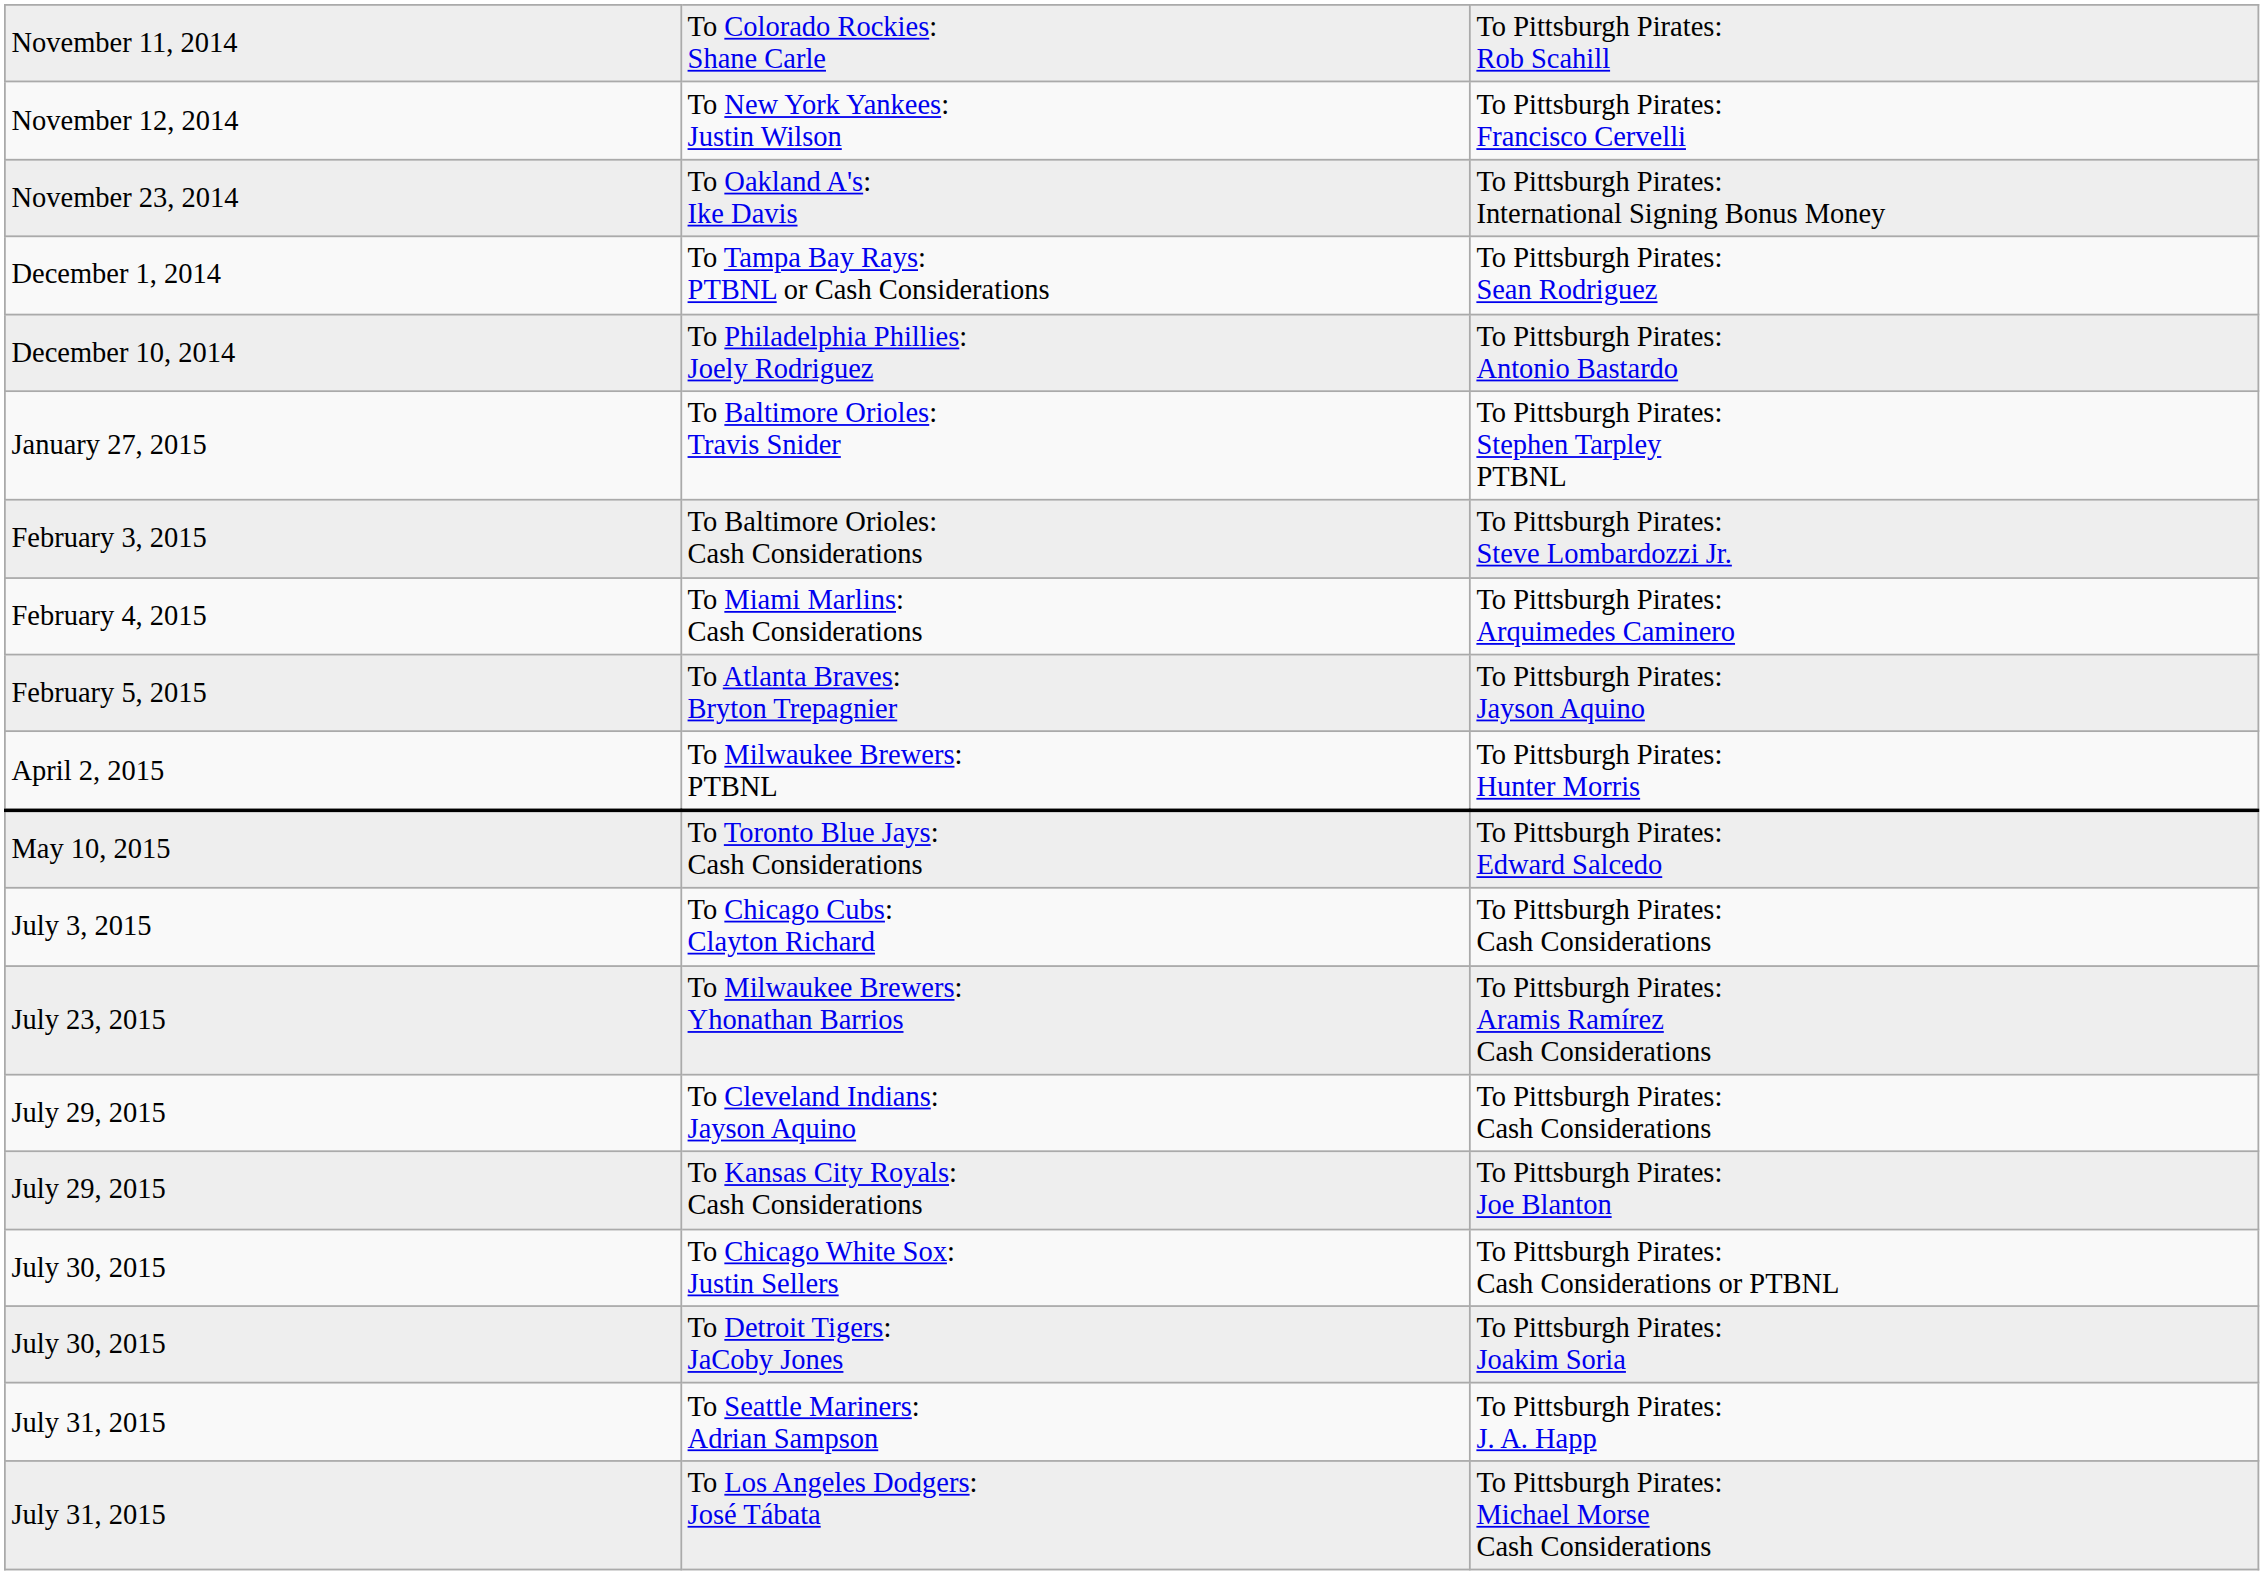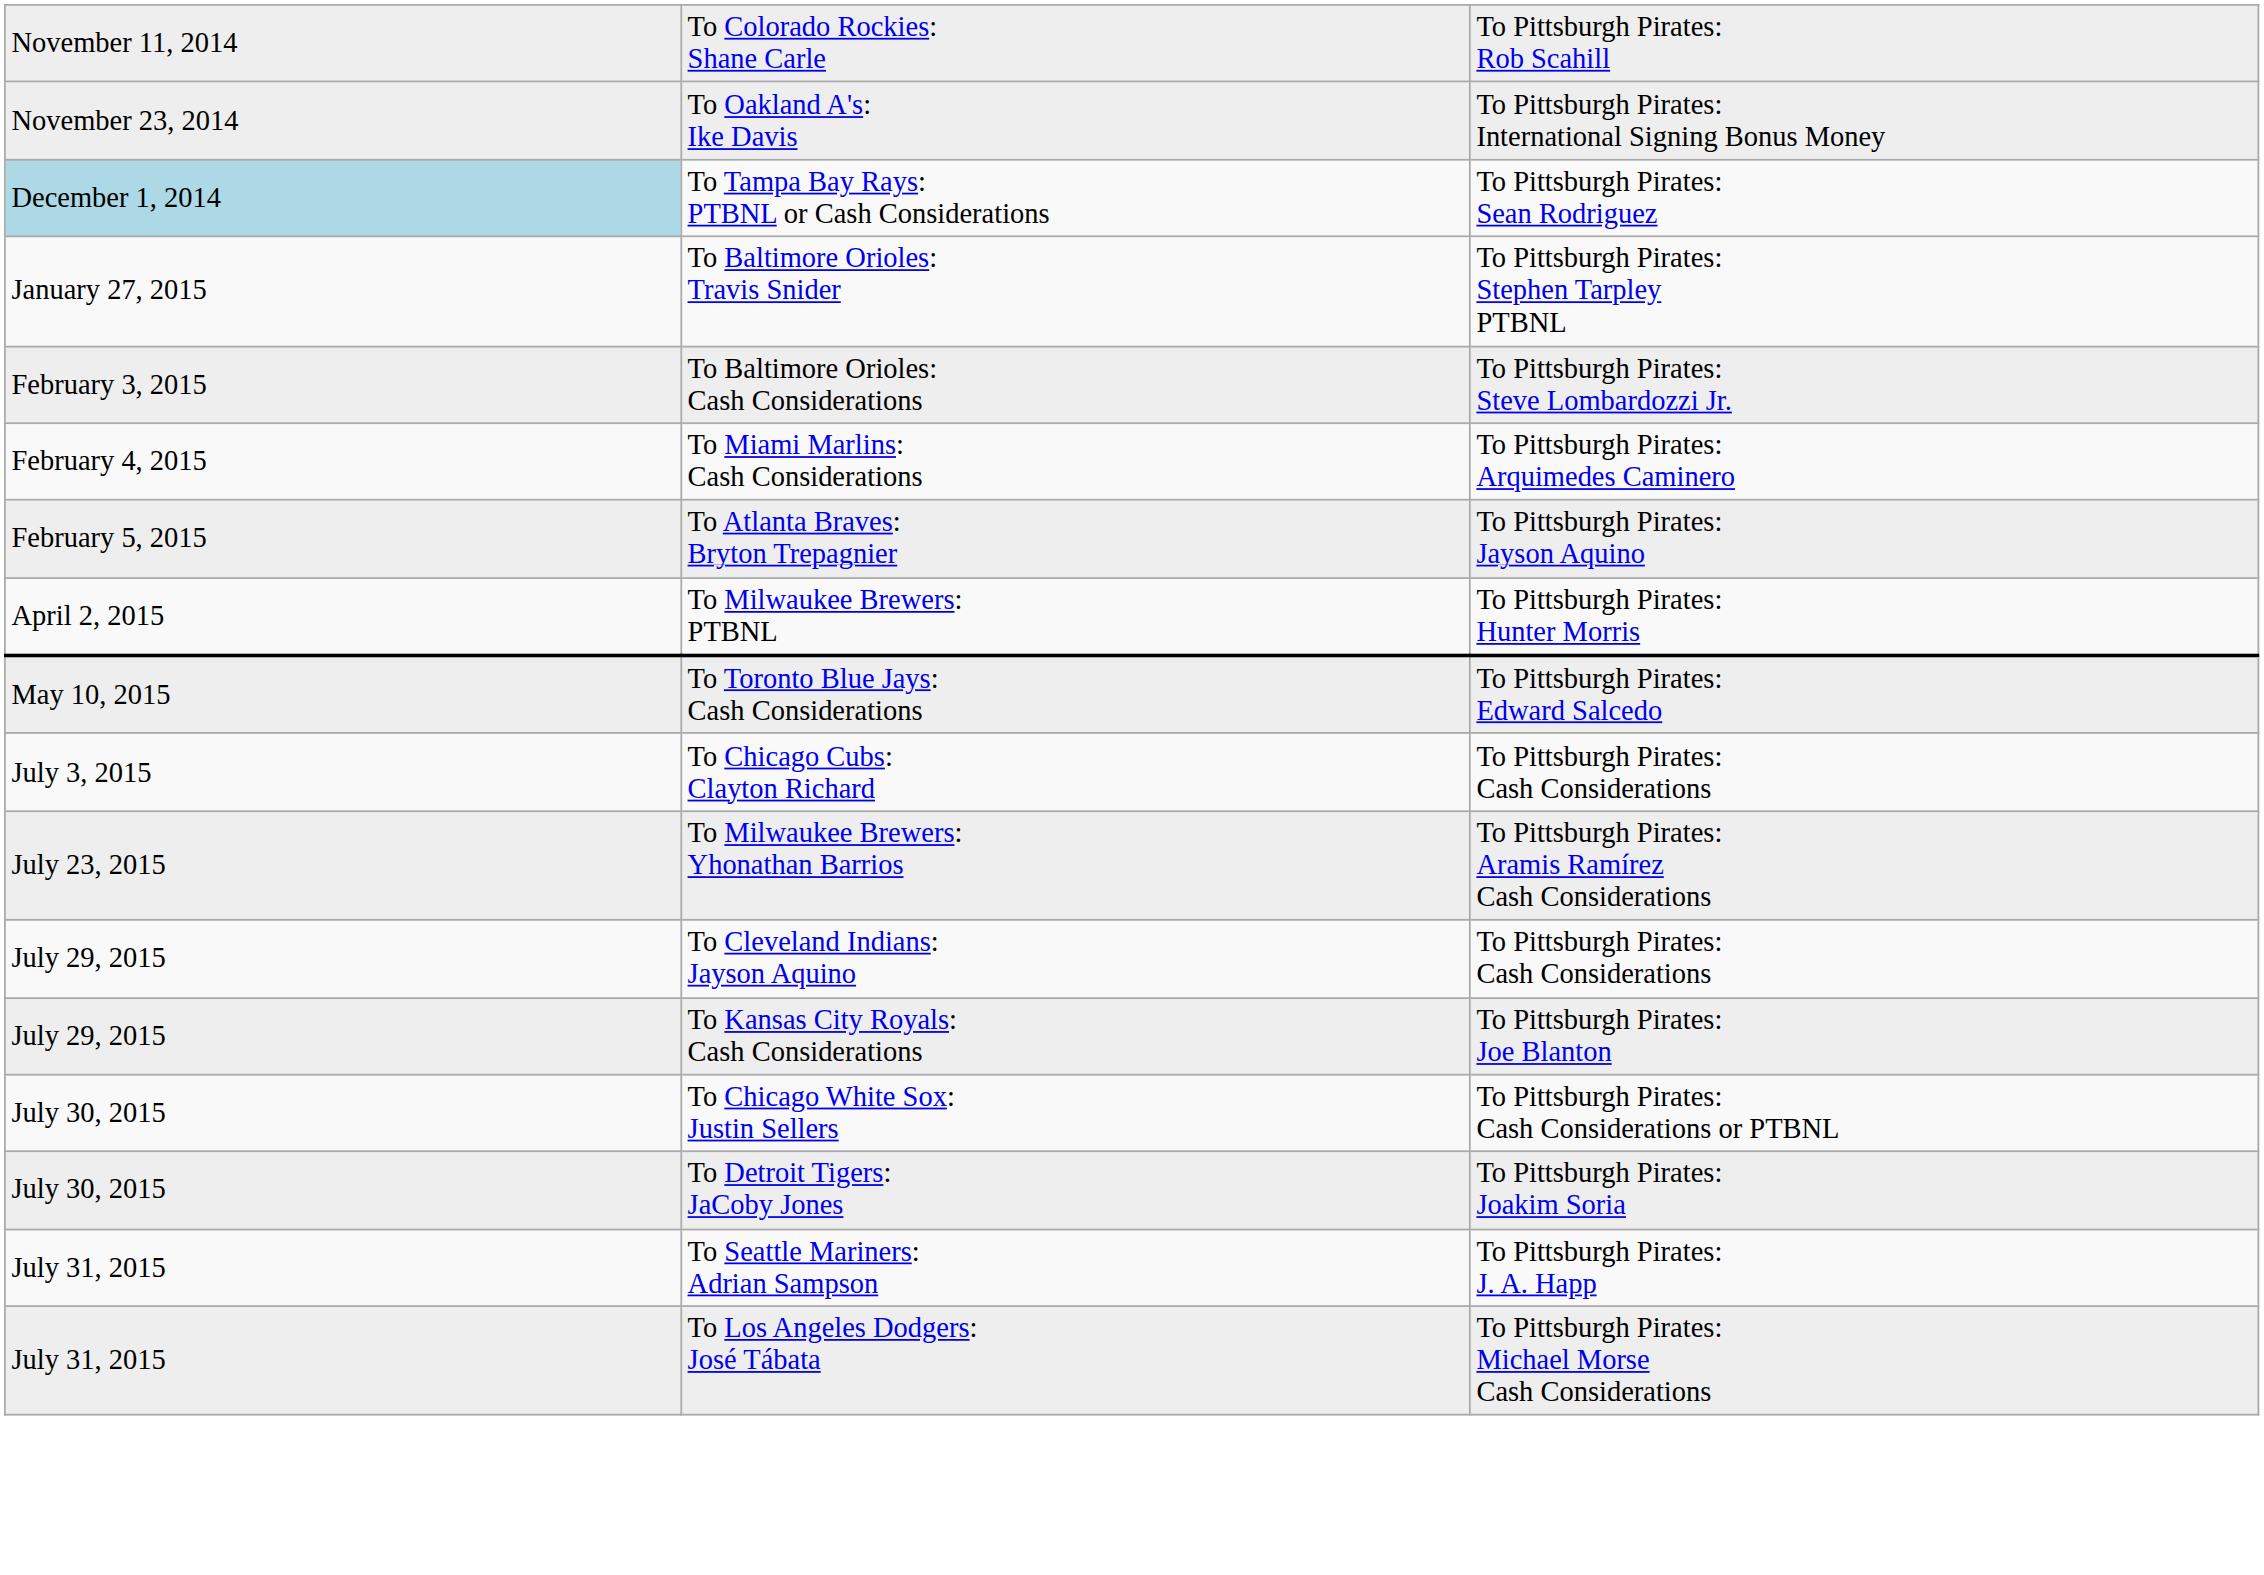 <table class="wikitable" style="border:1px solid #999999; width:80%;">
 <tr bgcolor="eeeeee">
 <td style="width:30%;">November 11, 2014</td>
 <td style="width:35%;" valign="top">To <a href='#'>Colorado Rockies</a>:<br><a href='#'>Shane Carle</a></td>
 <td style="width:35%;" valign="top">To Pittsburgh Pirates:<br><a href='#'>Rob Scahill</a></td>
-</tr>
-<tr>
-<td style="width:30%;">November 12, 2014</td>
-<td style="width:35%;" valign="top">To <a href='#'>New York Yankees</a>:<br><a href='#'>Justin Wilson</a></td>
-<td style="width:35%;" valign="top">To Pittsburgh Pirates:<br><a href='#'>Francisco Cervelli</a></td>
 </tr>
 <tr bgcolor="eeeeee">
 <td style="width:30%;">November 23, 2014</td>
 <td style="width:35%;" valign="top">To <a href='#'>Oakland A's</a>:<br><a href='#'>Ike Davis</a></td>
 <td style="width:35%;" valign="top">To Pittsburgh Pirates:<br>International Signing Bonus Money</td>
 </tr>
 <tr>
-<td style="width:30%;">December 1, 2014</td>
+<td style="background: lightblue; width:30%;">December 1, 2014</td>
 <td style="width:35%;" valign="top">To <a href='#'>Tampa Bay Rays</a>:<br><a href='#'>PTBNL</a> or Cash Considerations</td>
 <td style="width:35%;" valign="top">To Pittsburgh Pirates:<br><a href='#'>Sean Rodriguez</a></td>
-</tr>
-<tr bgcolor="eeeeee">
-<td style="width:30%;">December 10, 2014</td>
-<td style="width:35%;" valign="top">To <a href='#'>Philadelphia Phillies</a>:<br><a href='#'>Joely Rodriguez</a></td>
-<td style="width:35%;" valign="top">To Pittsburgh Pirates:<br><a href='#'>Antonio Bastardo</a></td>
 </tr>
 <tr bgcolor=>
 <td style="width:30%;">January 27, 2015</td>
 <td style="width:35%;" valign="top">To <a href='#'>Baltimore Orioles</a>:<br><a href='#'>Travis Snider</a></td>
 <td style="width:35%;" valign="top">To Pittsburgh Pirates:<br><a href='#'>Stephen Tarpley</a><br> PTBNL</td>
 </tr>
 <tr bgcolor="eeeeee">
 <td style="width:30%;">February 3, 2015</td>
 <td style="width:35%;" valign="top">To Baltimore Orioles:<br>Cash Considerations</td>
 <td style="width:35%;" valign="top">To Pittsburgh Pirates:<br><a href='#'>Steve Lombardozzi Jr.</a></td>
 </tr>
 <tr bgcolor=>
 <td style="width:30%;">February 4, 2015</td>
 <td style="width:35%;" valign="top">To <a href='#'>Miami Marlins</a>:<br>Cash Considerations</td>
 <td style="width:35%;" valign="top">To Pittsburgh Pirates:<br><a href='#'>Arquimedes Caminero</a></td>
 </tr>
 <tr bgcolor="eeeeee">
 <td style="width:30%;">February 5, 2015</td>
 <td style="width:35%;" valign="top">To <a href='#'>Atlanta Braves</a>:<br><a href='#'>Bryton Trepagnier</a></td>
 <td style="width:35%;" valign="top">To Pittsburgh Pirates:<br><a href='#'>Jayson Aquino</a></td>
 </tr>
 <tr bgcolor=>
 <td style="width:30%;">April 2, 2015</td>
 <td style="width:35%;" valign="top">To <a href='#'>Milwaukee Brewers</a>:<br>PTBNL</td>
 <td style="width:35%;" valign="top">To Pittsburgh Pirates:<br><a href='#'>Hunter Morris</a></td>
 </tr>
 <tr style="border-top:2px solid #000000;" bgcolor="eeeeee">
 <td style="width:30%;">May 10, 2015</td>
 <td style="width:35%;" valign="top">To <a href='#'>Toronto Blue Jays</a>:<br>Cash Considerations</td>
 <td style="width:35%;" valign="top">To Pittsburgh Pirates:<br><a href='#'>Edward Salcedo</a></td>
 </tr>
 <tr bgcolor=>
 <td style="width:30%;">July 3, 2015</td>
 <td style="width:35%;" valign="top">To <a href='#'>Chicago Cubs</a>:<br><a href='#'>Clayton Richard</a></td>
 <td style="width:35%;" valign="top">To Pittsburgh Pirates:<br>Cash Considerations</td>
 </tr>
 <tr bgcolor="eeeeee">
 <td style="width:30%;">July 23, 2015 </td>
 <td style="width:35%;" valign="top">To <a href='#'>Milwaukee Brewers</a>:<br><a href='#'>Yhonathan Barrios</a></td>
 <td style="width:35%;" valign="top">To Pittsburgh Pirates:<br><a href='#'>Aramis Ramírez</a><br> Cash Considerations</td>
 </tr>
 <tr bgcolor=>
 <td style="width:30%;">July 29, 2015 </td>
 <td style="width:35%;" valign="top">To <a href='#'>Cleveland Indians</a>:<br><a href='#'>Jayson Aquino</a></td>
 <td style="width:35%;" valign="top">To Pittsburgh Pirates:<br>Cash Considerations</td>
 </tr>
 <tr bgcolor="eeeeee">
 <td style="width:30%;">July 29, 2015 </td>
 <td style="width:35%;" valign="top">To <a href='#'>Kansas City Royals</a>:<br>Cash Considerations</td>
 <td style="width:35%;" valign="top">To Pittsburgh Pirates:<br><a href='#'>Joe Blanton</a></td>
 </tr>
 <tr bgcolor=>
 <td style="width:30%;">July 30, 2015 </td>
 <td style="width:35%;" valign="top">To <a href='#'>Chicago White Sox</a>:<br><a href='#'>Justin Sellers</a></td>
 <td style="width:35%;" valign="top">To Pittsburgh Pirates:<br>Cash Considerations or PTBNL</td>
 </tr>
 <tr bgcolor="eeeeee">
 <td style="width:30%;">July 30, 2015 </td>
 <td style="width:35%;" valign="top">To <a href='#'>Detroit Tigers</a>:<br><a href='#'>JaCoby Jones</a></td>
 <td style="width:35%;" valign="top">To Pittsburgh Pirates:<br><a href='#'>Joakim Soria</a></td>
 </tr>
 <tr bgcolor=>
 <td style="width:30%;">July 31, 2015 </td>
 <td style="width:35%;" valign="top">To <a href='#'>Seattle Mariners</a>:<br><a href='#'>Adrian Sampson</a></td>
 <td style="width:35%;" valign="top">To Pittsburgh Pirates:<br><a href='#'>J. A. Happ</a></td>
 </tr>
 <tr bgcolor="eeeeee">
 <td style="width:30%;">July 31, 2015 </td>
 <td style="width:35%;" valign="top">To <a href='#'>Los Angeles Dodgers</a>:<br><a href='#'>José Tábata</a></td>
 <td style="width:35%;" valign="top">To Pittsburgh Pirates:<br><a href='#'>Michael Morse</a><br> Cash Considerations</td>
 </tr>
 </table>
